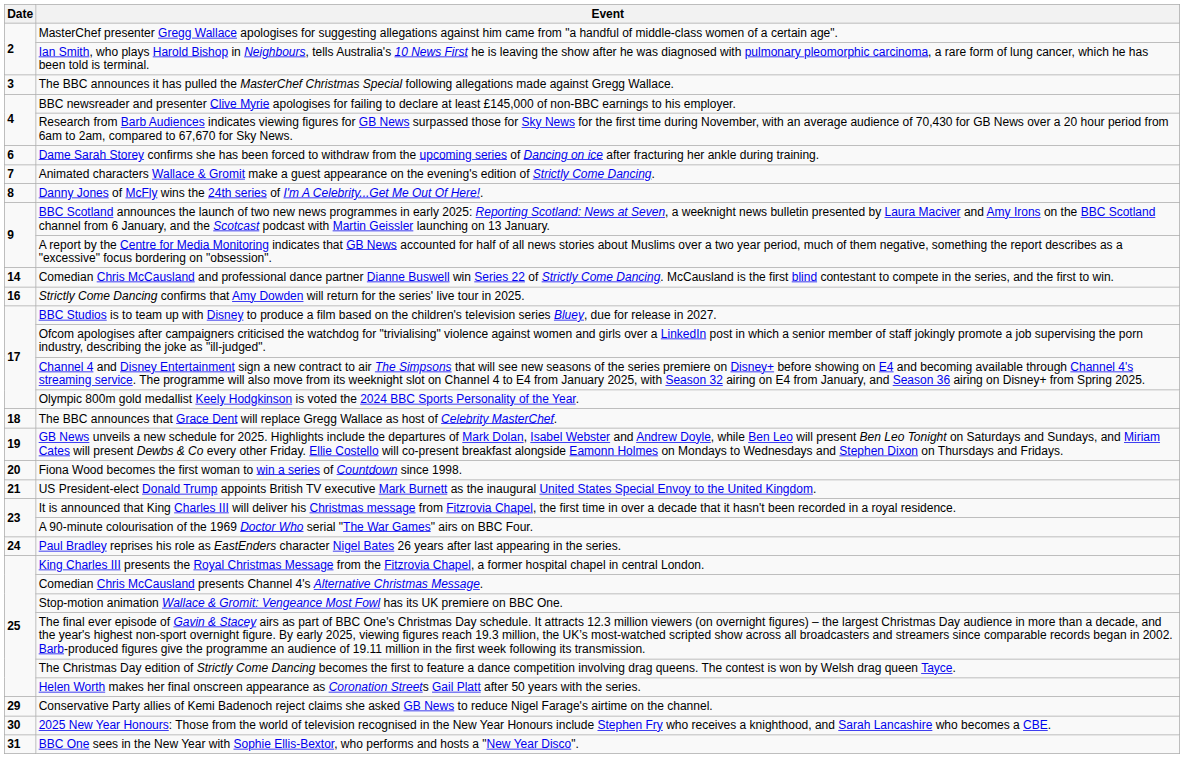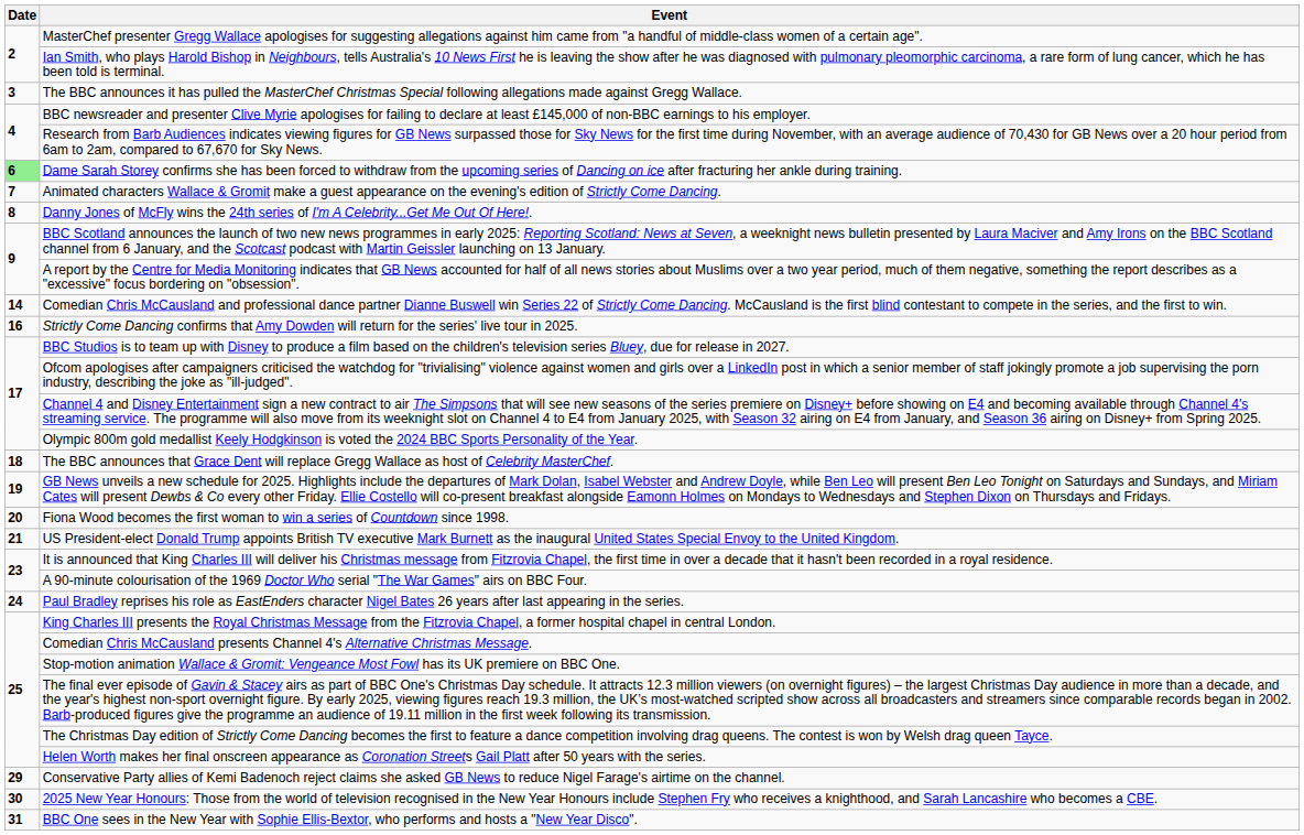 <table class="wikitable">
 <tr>
 <th>Date</th>
 <th>Event</th>
 </tr>
 <tr>
 <td rowspan=2><strong>2</strong></td>
 <td>MasterChef presenter <a href='#'>Gregg Wallace</a> apologises for suggesting allegations against him came from "a handful of middle-class women of a certain age".</td>
 </tr>
 <tr>
 <td><a href='#'>Ian Smith</a>, who plays <a href='#'>Harold Bishop</a> in <em><a href='#'>Neighbours</a></em>, tells Australia's <em><a href='#'>10 News First</a></em> he is leaving the show after he was diagnosed with <a href='#'>pulmonary pleomorphic carcinoma</a>, a rare form of lung cancer, which he has been told is terminal.</td>
 </tr>
 <tr>
 <td><strong>3</strong></td>
 <td>The BBC announces it has pulled the <em>MasterChef Christmas Special</em> following allegations made against Gregg Wallace.</td>
 </tr>
 <tr>
 <td rowspan=2><strong>4</strong></td>
 <td>BBC newsreader and presenter <a href='#'>Clive Myrie</a> apologises for failing to declare at least £145,000 of non-BBC earnings to his employer.</td>
 </tr>
 <tr>
 <td>Research from <a href='#'>Barb Audiences</a> indicates viewing figures for <a href='#'>GB News</a> surpassed those for <a href='#'>Sky News</a> for the first time during November, with an average audience of 70,430 for GB News over a 20 hour period from 6am to 2am, compared to 67,670 for Sky News.</td>
 </tr>
 <tr>
-<td><strong>6</strong></td>
+<td style="background: lightgreen;"><strong>6</strong></td>
 <td><a href='#'>Dame Sarah Storey</a> confirms she has been forced to withdraw from the <a href='#'>upcoming series</a> of <em><a href='#'>Dancing on ice</a></em> after fracturing her ankle during training.</td>
 </tr>
 <tr>
 <td><strong>7</strong></td>
 <td>Animated characters <a href='#'>Wallace & Gromit</a> make a guest appearance on the evening's edition of <em><a href='#'>Strictly Come Dancing</a></em>.</td>
 </tr>
 <tr>
 <td><strong>8</strong></td>
 <td><a href='#'>Danny Jones</a> of <a href='#'>McFly</a> wins the <a href='#'>24th series</a> of <em><a href='#'>I'm A Celebrity...Get Me Out Of Here!</a></em>.</td>
 </tr>
 <tr>
 <td rowspan=2><strong>9</strong></td>
 <td><a href='#'>BBC Scotland</a> announces the launch of two new news programmes in early 2025: <em><a href='#'>Reporting Scotland: News at Seven</a></em>, a weeknight news bulletin presented by <a href='#'>Laura Maciver</a> and <a href='#'>Amy Irons</a> on the <a href='#'>BBC Scotland</a> channel from 6 January, and the <em><a href='#'>Scotcast</a></em> podcast with <a href='#'>Martin Geissler</a> launching on 13 January.</td>
 </tr>
 <tr>
 <td>A report by the <a href='#'>Centre for Media Monitoring</a> indicates that <a href='#'>GB News</a> accounted for half of all news stories about Muslims over a two year period, much of them negative, something the report describes as a "excessive" focus bordering on "obsession".</td>
 </tr>
 <tr>
 <td><strong>14</strong></td>
 <td>Comedian <a href='#'>Chris McCausland</a> and professional dance partner <a href='#'>Dianne Buswell</a> win <a href='#'>Series 22</a> of <em><a href='#'>Strictly Come Dancing</a></em>. McCausland is the first <a href='#'>blind</a> contestant to compete in the series, and the first to win.</td>
 </tr>
 <tr>
 <td><strong>16</strong></td>
 <td><em>Strictly Come Dancing</em> confirms that <a href='#'>Amy Dowden</a> will return for the series' live tour in 2025.</td>
 </tr>
 <tr>
 <td rowspan=4><strong>17</strong></td>
 <td><a href='#'>BBC Studios</a> is to team up with <a href='#'>Disney</a> to produce a film based on the children's television series <em><a href='#'>Bluey</a></em>, due for release in 2027.</td>
 </tr>
 <tr>
 <td>Ofcom apologises after campaigners criticised the watchdog for "trivialising" violence against women and girls over a <a href='#'>LinkedIn</a> post in which a senior member of staff jokingly promote a job supervising the porn industry, describing the joke as "ill-judged".</td>
 </tr>
 <tr>
 <td><a href='#'>Channel 4</a> and <a href='#'>Disney Entertainment</a> sign a new contract to air <em><a href='#'>The Simpsons</a></em> that will see new seasons of the series premiere on <a href='#'>Disney+</a> before showing on <a href='#'>E4</a> and becoming available through <a href='#'>Channel 4's streaming service</a>. The programme will also move from its weeknight slot on Channel 4 to E4 from January 2025, with <a href='#'>Season 32</a> airing on E4 from January, and <a href='#'>Season 36</a> airing on Disney+ from Spring 2025.</td>
 </tr>
 <tr>
 <td>Olympic 800m gold medallist <a href='#'>Keely Hodgkinson</a> is voted the <a href='#'>2024 BBC Sports Personality of the Year</a>.</td>
 </tr>
 <tr>
 <td><strong>18</strong></td>
 <td>The BBC announces that <a href='#'>Grace Dent</a> will replace Gregg Wallace as host of <em><a href='#'>Celebrity MasterChef</a></em>.</td>
 </tr>
 <tr>
 <td><strong>19</strong></td>
 <td><a href='#'>GB News</a> unveils a new schedule for 2025. Highlights include the departures of <a href='#'>Mark Dolan</a>, <a href='#'>Isabel Webster</a> and <a href='#'>Andrew Doyle</a>, while <a href='#'>Ben Leo</a> will present <em>Ben Leo Tonight</em> on Saturdays and Sundays, and <a href='#'>Miriam Cates</a> will present <em>Dewbs & Co</em> every other Friday. <a href='#'>Ellie Costello</a> will co-present breakfast alongside <a href='#'>Eamonn Holmes</a> on Mondays to Wednesdays and <a href='#'>Stephen Dixon</a> on Thursdays and Fridays.</td>
 </tr>
 <tr>
 <td><strong>20</strong></td>
 <td>Fiona Wood becomes the first woman to <a href='#'>win a series</a> of <em><a href='#'>Countdown</a></em> since 1998.</td>
 </tr>
 <tr>
 <td><strong>21</strong></td>
 <td>US President-elect <a href='#'>Donald Trump</a> appoints British TV executive <a href='#'>Mark Burnett</a> as the inaugural <a href='#'>United States Special Envoy to the United Kingdom</a>.</td>
 </tr>
 <tr>
 <td rowspan=2><strong>23</strong></td>
 <td>It is announced that King <a href='#'>Charles III</a> will deliver his <a href='#'>Christmas message</a> from <a href='#'>Fitzrovia Chapel</a>, the first time in over a decade that it hasn't been recorded in a royal residence.</td>
 </tr>
 <tr>
 <td>A 90-minute colourisation of the 1969 <em><a href='#'>Doctor Who</a></em> serial "<a href='#'>The War Games</a>" airs on BBC Four.</td>
 </tr>
 <tr>
 <td><strong>24</strong></td>
 <td><a href='#'>Paul Bradley</a> reprises his role as <em>EastEnders</em> character <a href='#'>Nigel Bates</a> 26 years after last appearing in the series.</td>
 </tr>
 <tr>
 <td rowspan=6><strong>25</strong></td>
 <td><a href='#'>King Charles III</a> presents the <a href='#'>Royal Christmas Message</a> from the <a href='#'>Fitzrovia Chapel</a>, a former hospital chapel in central London.</td>
 </tr>
 <tr>
 <td>Comedian <a href='#'>Chris McCausland</a> presents Channel 4's <em><a href='#'>Alternative Christmas Message</a></em>.</td>
 </tr>
 <tr>
 <td>Stop-motion animation <em><a href='#'>Wallace & Gromit: Vengeance Most Fowl</a></em> has its UK premiere on BBC One.</td>
 </tr>
 <tr>
 <td>The final ever episode of <em><a href='#'>Gavin & Stacey</a></em> airs as part of BBC One's Christmas Day schedule. It attracts 12.3 million viewers (on overnight figures) – the largest Christmas Day audience in more than a decade, and the year's highest non-sport overnight figure. By early 2025, viewing figures reach 19.3 million, the UK’s most-watched scripted show across all broadcasters and streamers since comparable records began in 2002. <a href='#'>Barb</a>-produced figures give the programme an audience of 19.11 million in the first week following its transmission.</td>
 </tr>
 <tr>
 <td>The Christmas Day edition of <em>Strictly Come Dancing</em> becomes the first to feature a dance competition involving drag queens. The contest is won by Welsh drag queen <a href='#'>Tayce</a>.</td>
 </tr>
 <tr>
 <td><a href='#'>Helen Worth</a> makes her final onscreen appearance as <em><a href='#'>Coronation Street</a></em>s <a href='#'>Gail Platt</a> after 50 years with the series.</td>
 </tr>
 <tr>
 <td><strong>29</strong></td>
 <td>Conservative Party allies of Kemi Badenoch reject claims she asked <a href='#'>GB News</a> to reduce Nigel Farage's airtime on the channel.</td>
 </tr>
 <tr>
 <td><strong>30</strong></td>
 <td><a href='#'>2025 New Year Honours</a>: Those from the world of television recognised in the New Year Honours include <a href='#'>Stephen Fry</a> who receives a knighthood, and <a href='#'>Sarah Lancashire</a> who becomes a <a href='#'>CBE</a>.</td>
 </tr>
 <tr>
 <td><strong>31</strong></td>
 <td><a href='#'>BBC One</a> sees in the New Year with <a href='#'>Sophie Ellis-Bextor</a>, who performs and hosts a "<a href='#'>New Year Disco</a>".</td>
 </tr>
 </table>
